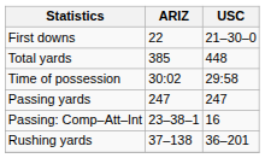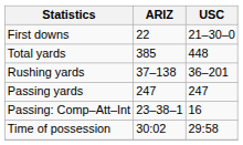 <table class="wikitable" style="float: left;">
 <tr>
 <th>Statistics</th>
 <th>ARIZ</th>
 <th>USC</th>
 </tr>
 <tr>
 <td>First downs</td>
 <td>22</td>
 <td>21–30–0</td>
 </tr>
 <tr>
 <td>Total yards</td>
 <td>385</td>
 <td>448</td>
 </tr>
 <tr>
-<td>Time of possession</td>
-<td>30:02</td>
-<td>29:58</td>
+<td>Rushing yards</td>
+<td>37–138</td>
+<td>36–201</td>
 </tr>
 <tr>
 <td>Passing yards</td>
 <td>247</td>
 <td>247</td>
 </tr>
 <tr>
 <td>Passing: Comp–Att–Int</td>
 <td>23–38–1</td>
 <td>16</td>
 </tr>
 <tr>
-<td>Rushing yards</td>
-<td>37–138</td>
-<td>36–201</td>
+<td>Time of possession</td>
+<td>30:02</td>
+<td>29:58</td>
 </tr>
 <tr>
 </tr>
 </table>
